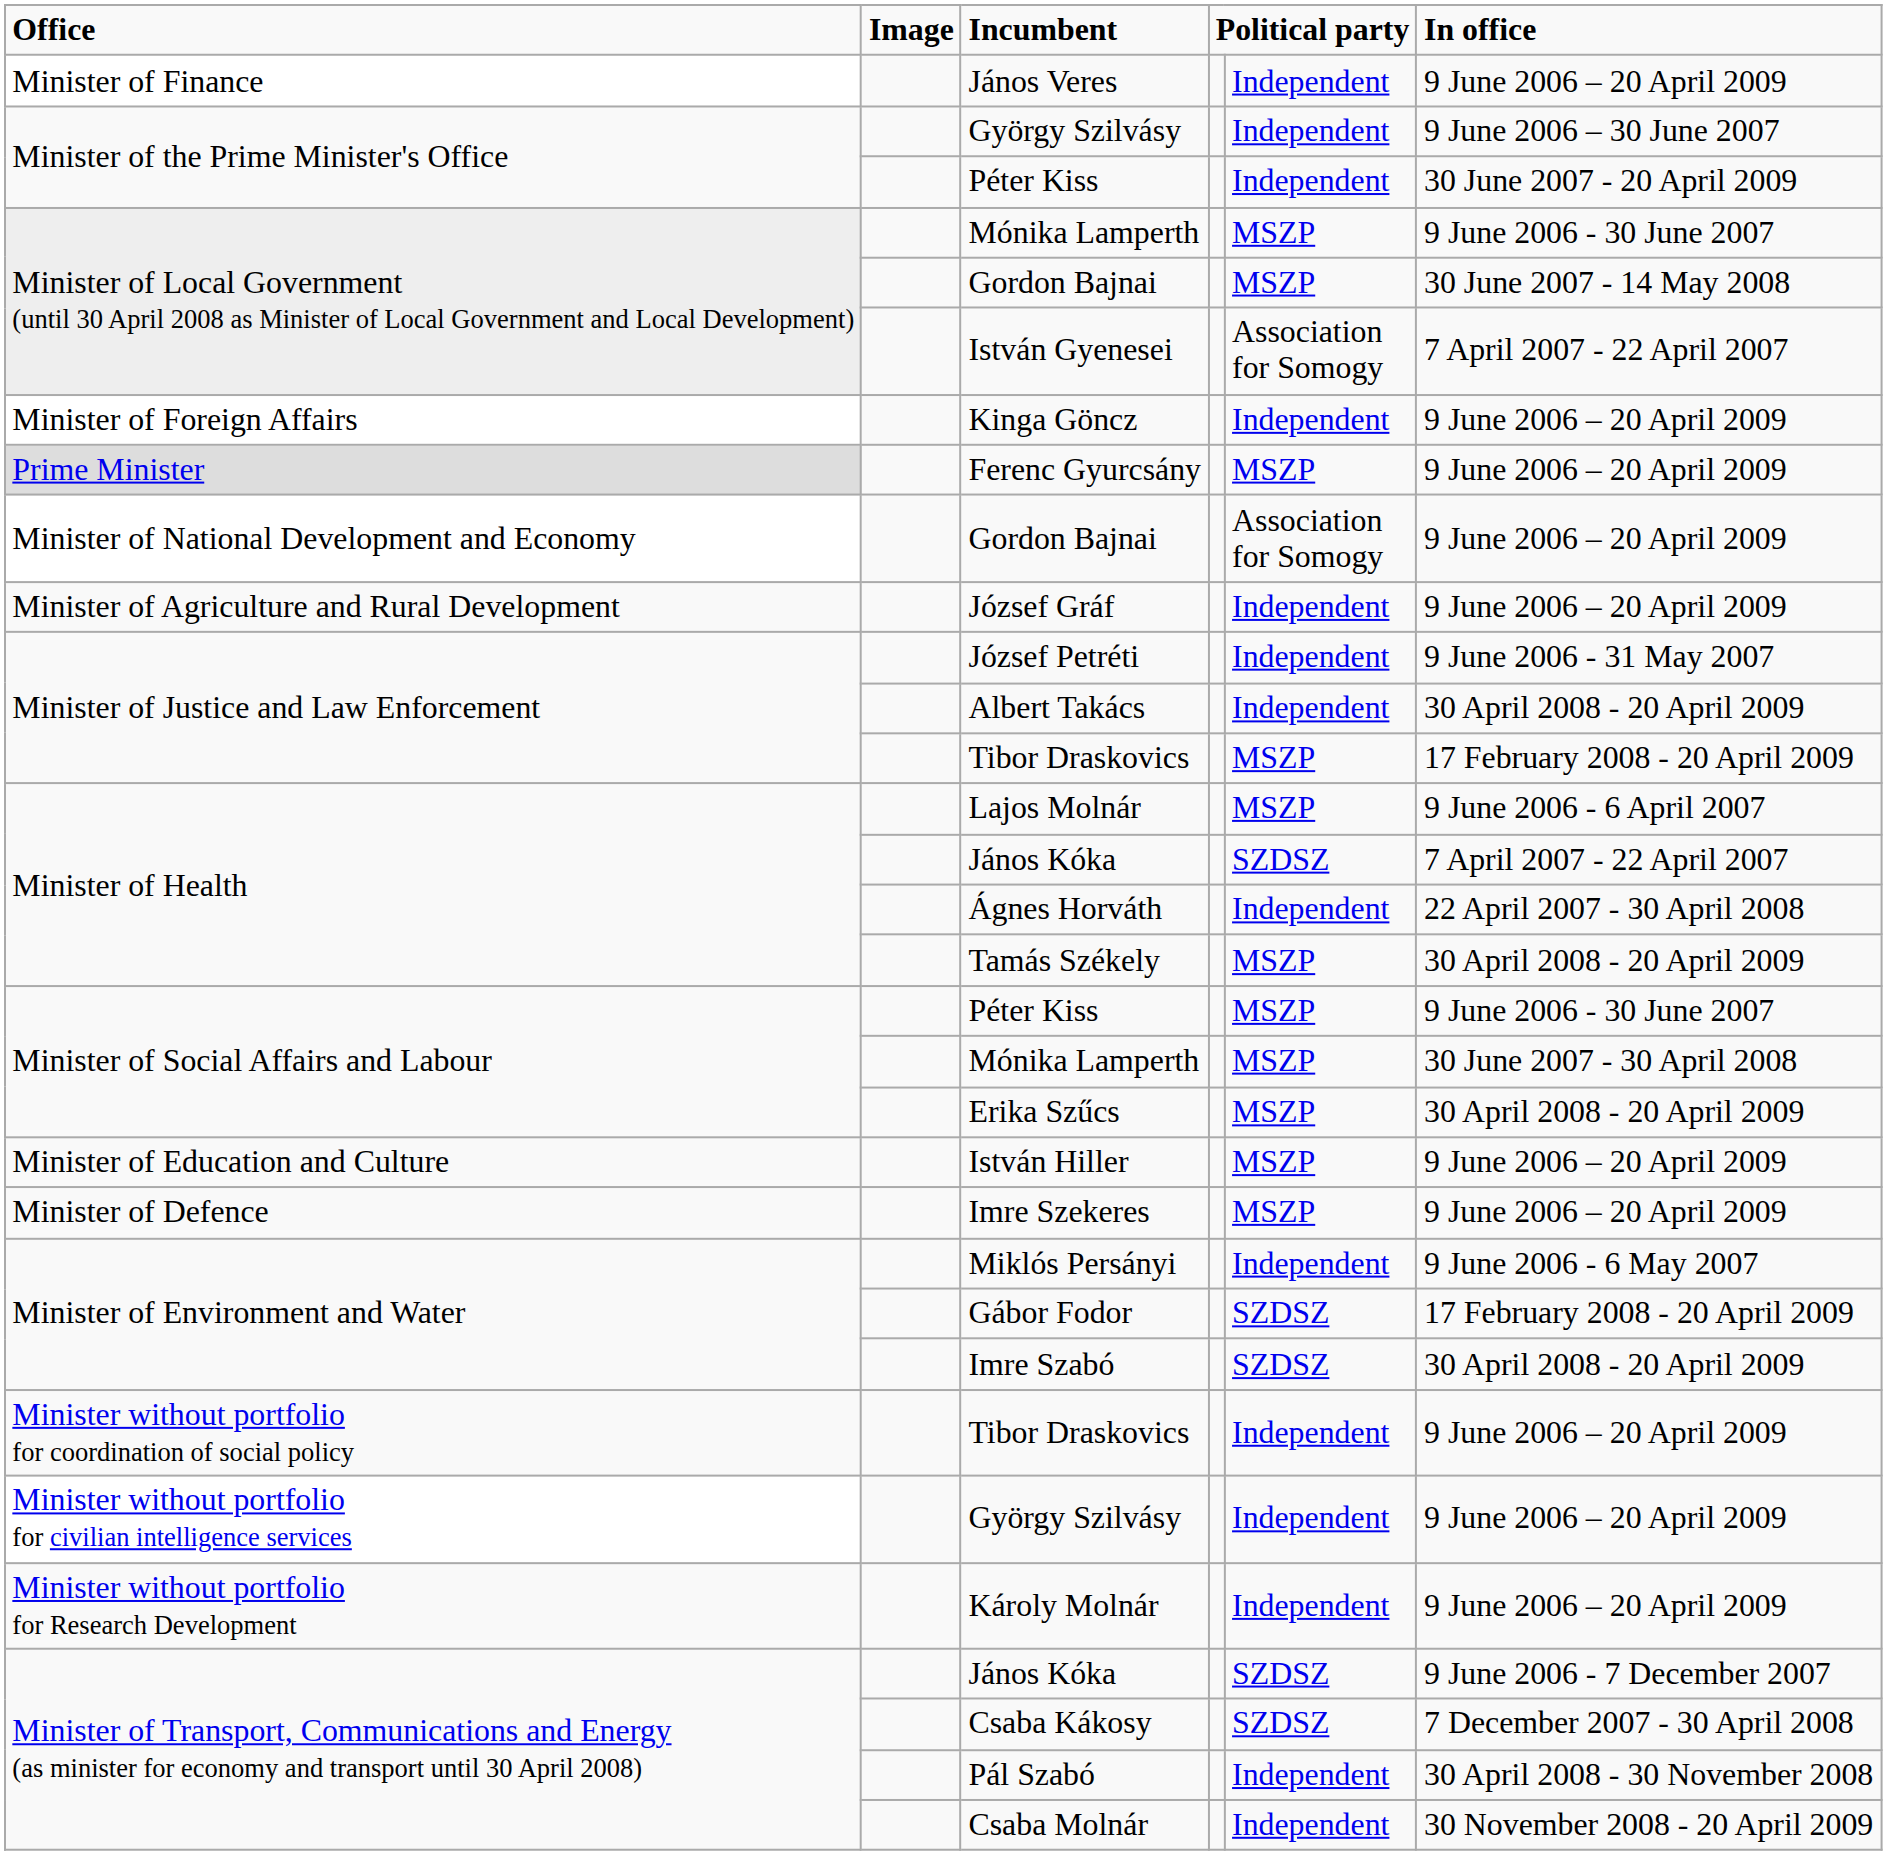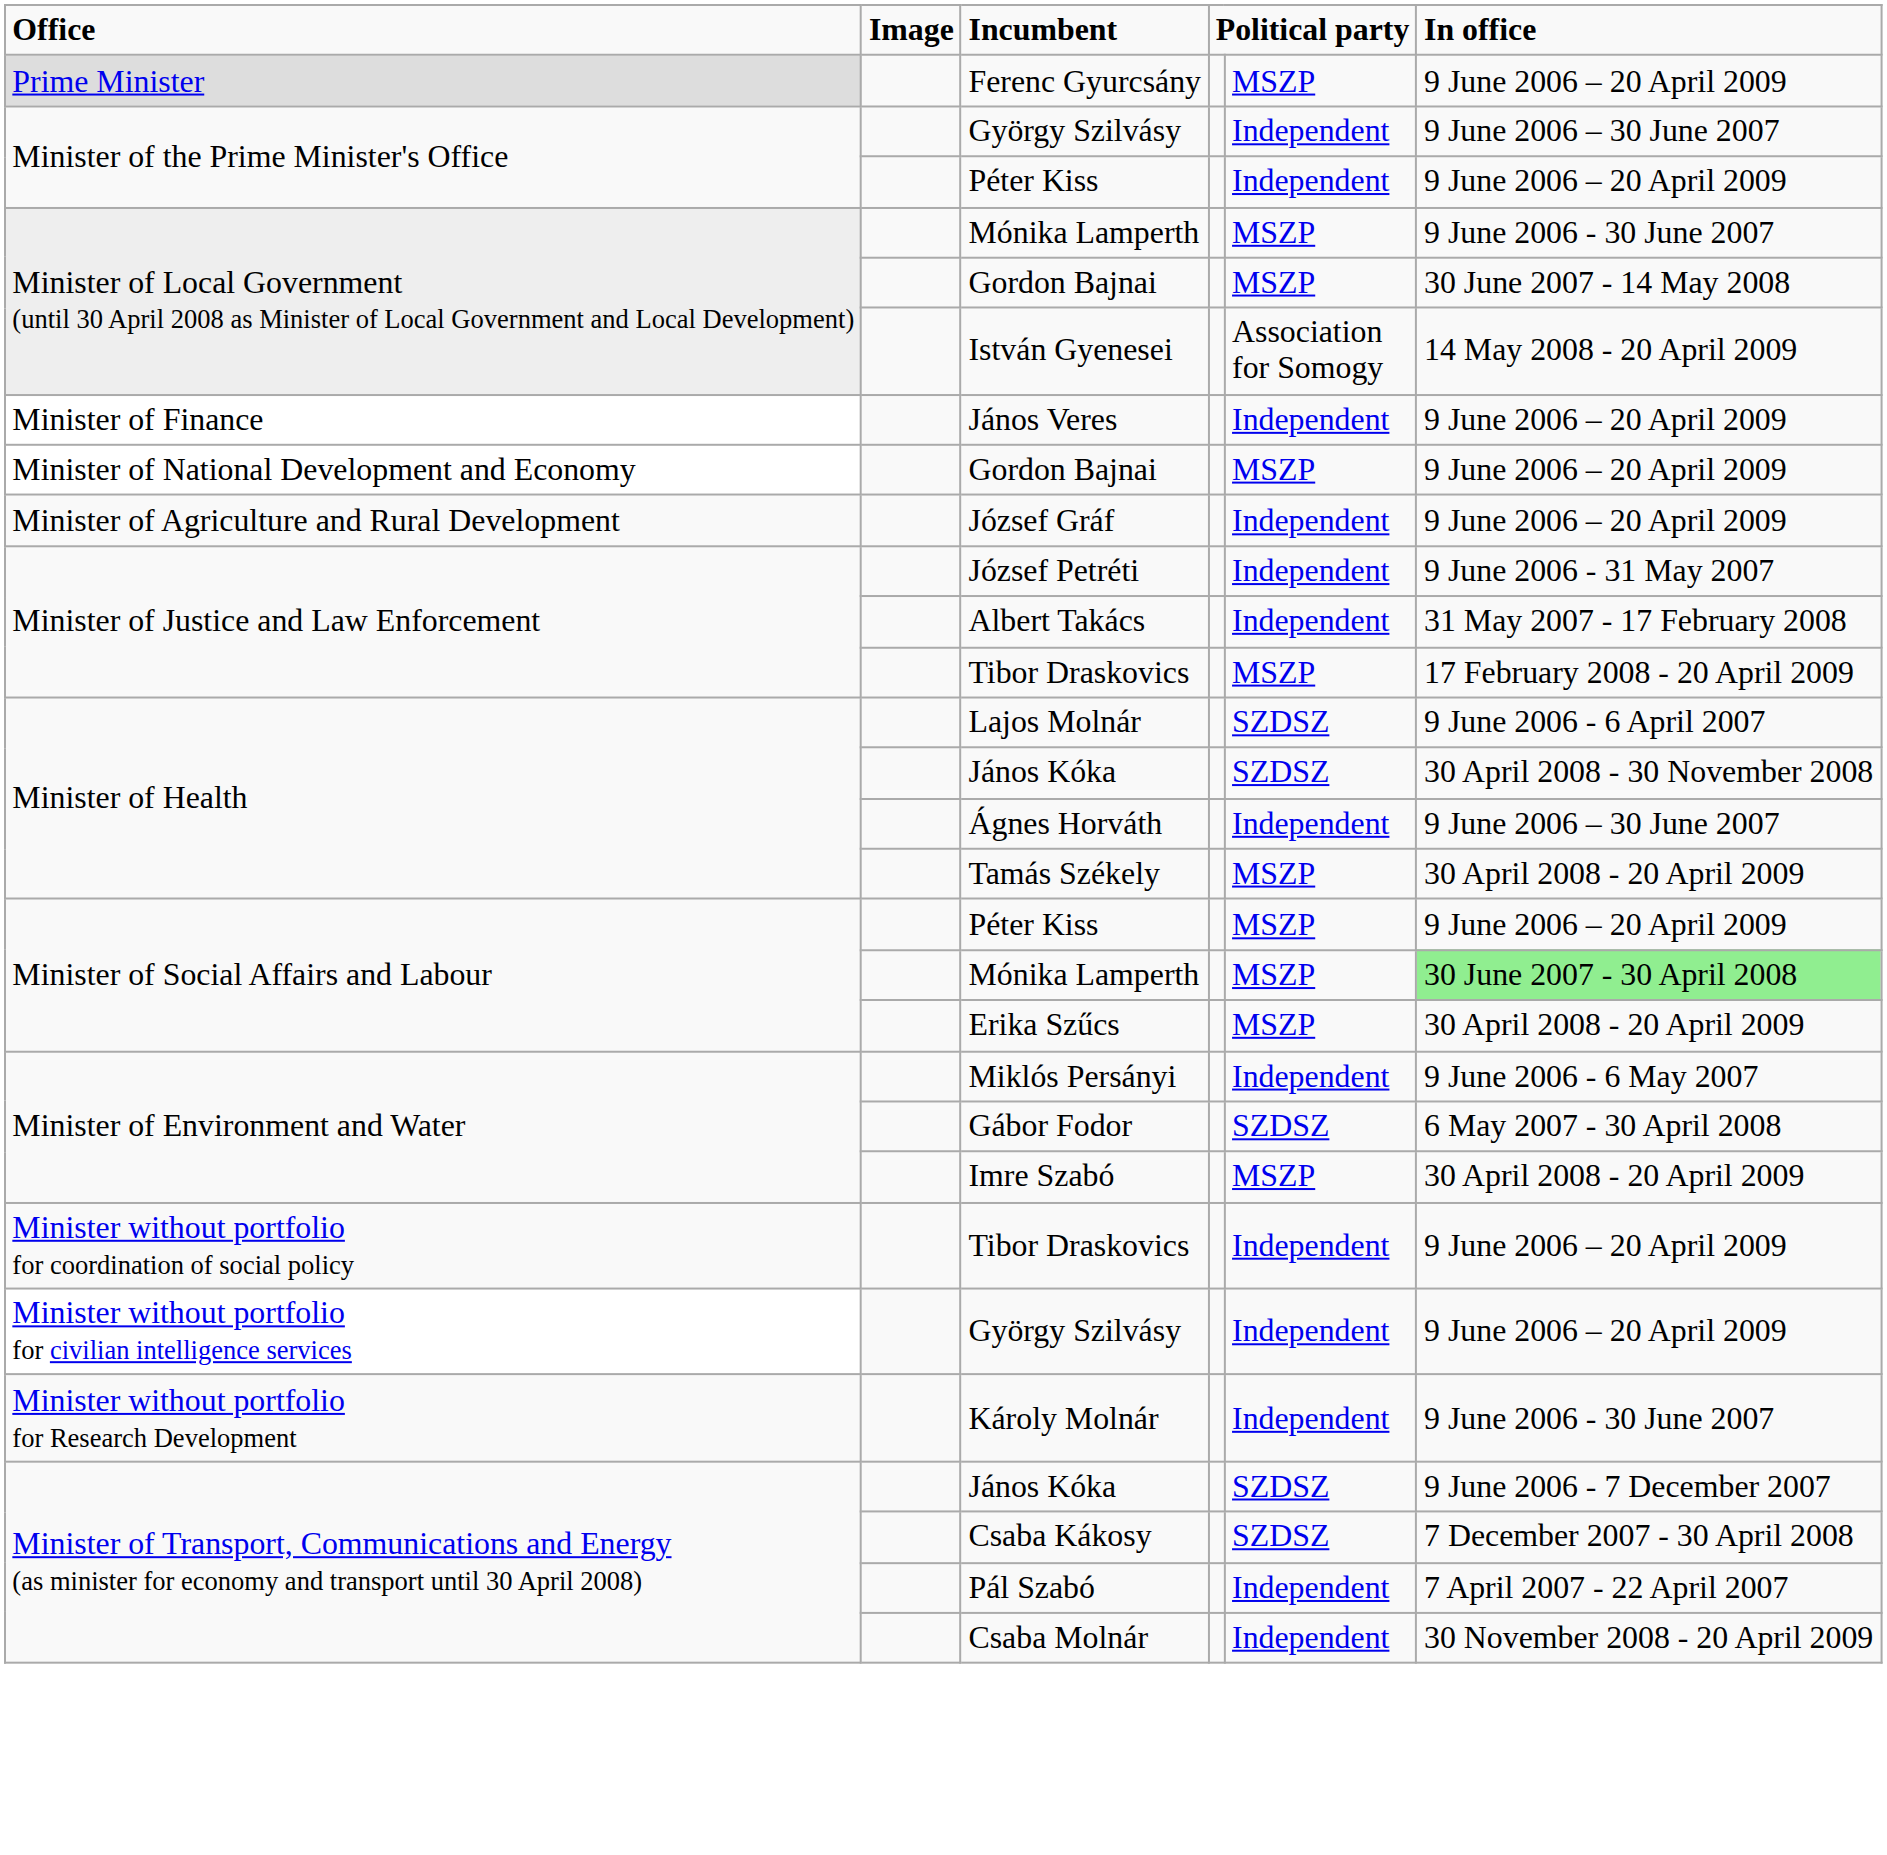 <table class="wikitable">
 <tr>
 <td><strong>Office</strong></td>
 <td><strong>Image</strong></td>
 <td><strong>Incumbent</strong></td>
 <td colspan="2"><strong>Political party</strong></td>
 <td><strong>In office</strong></td>
 </tr>
 <tr>
-<td style="background:#fff;">Minister of Finance</td>
+<td style="background:#ddd;"><a href='#'>Prime Minister</a></td>
 <td></td>
-<td>János Veres</td>
+<td>Ferenc Gyurcsány</td>
 <td style="background-color: "></td>
-<td><a href='#'>Independent</a></td>
+<td><a href='#'>MSZP</a></td>
 <td>9 June 2006 – 20 April 2009</td>
 </tr>
 <tr>
 <td rowspan="2">Minister of the Prime Minister's Office</td>
 <td></td>
 <td>György Szilvásy</td>
 <td style="background-color: "></td>
 <td><a href='#'>Independent</a></td>
 <td>9 June 2006 – 30 June 2007</td>
 </tr>
 <tr>
 <td></td>
 <td>Péter Kiss</td>
 <td style="background-color: "></td>
 <td><a href='#'>Independent</a></td>
-<td>30 June 2007 - 20 April 2009</td>
+<td>9 June 2006 – 20 April 2009</td>
 </tr>
 <tr>
 <td rowspan="3" style="background:#eee;">Minister of Local Government<br><small>(until 30 April 2008 as Minister of Local Government and Local Development)</small></td>
 <td></td>
 <td>Mónika Lamperth</td>
 <td style="background-color: "></td>
 <td><a href='#'>MSZP</a></td>
 <td>9 June 2006 - 30 June 2007</td>
 </tr>
 <tr>
 <td></td>
 <td>Gordon Bajnai</td>
 <td style="background-color: "></td>
 <td><a href='#'>MSZP</a></td>
 <td>30 June 2007 - 14 May 2008</td>
 </tr>
 <tr>
 <td></td>
 <td>István Gyenesei</td>
 <td style="background-color: "></td>
 <td>Association<br>for Somogy</td>
-<td>7 April 2007 - 22 April 2007</td>
+<td>14 May 2008 - 20 April 2009</td>
 </tr>
 <tr>
-<td style="background:#fff;">Minister of Foreign Affairs</td>
+<td style="background:#fff;">Minister of Finance</td>
 <td></td>
-<td>Kinga Göncz</td>
+<td>János Veres</td>
 <td style="background-color: "></td>
 <td><a href='#'>Independent</a></td>
-<td>9 June 2006 – 20 April 2009</td>
-</tr>
-<tr>
-<td style="background:#ddd;"><a href='#'>Prime Minister</a></td>
-<td></td>
-<td>Ferenc Gyurcsány</td>
-<td style="background-color: "></td>
-<td><a href='#'>MSZP</a></td>
 <td>9 June 2006 – 20 April 2009</td>
 </tr>
 <tr>
 <td style="background:#fff;">Minister of National Development and Economy</td>
 <td></td>
 <td>Gordon Bajnai</td>
 <td style="background-color: "></td>
-<td>Association<br>for Somogy</td>
+<td><a href='#'>MSZP</a></td>
 <td>9 June 2006 – 20 April 2009</td>
 </tr>
 <tr>
 <td>Minister of Agriculture and Rural Development</td>
 <td></td>
 <td>József Gráf</td>
 <td style="background-color: "></td>
 <td><a href='#'>Independent</a></td>
 <td>9 June 2006 – 20 April 2009</td>
 </tr>
 <tr>
 <td rowspan="3">Minister of Justice and Law Enforcement</td>
 <td></td>
 <td>József Petréti</td>
 <td style="background-color: "></td>
 <td><a href='#'>Independent</a></td>
 <td>9 June 2006 - 31 May 2007</td>
 </tr>
 <tr>
 <td></td>
 <td>Albert Takács</td>
 <td style="background-color: "></td>
 <td><a href='#'>Independent</a></td>
-<td>30 April 2008 - 20 April 2009</td>
+<td>31 May 2007 - 17 February 2008</td>
 </tr>
 <tr>
 <td></td>
 <td>Tibor Draskovics</td>
 <td style="background-color: "></td>
 <td><a href='#'>MSZP</a></td>
 <td>17 February 2008 - 20 April 2009</td>
 </tr>
 <tr>
 <td rowspan="4">Minister of Health</td>
 <td></td>
 <td>Lajos Molnár</td>
 <td style="background-color: "></td>
-<td><a href='#'>MSZP</a></td>
+<td><a href='#'>SZDSZ</a></td>
 <td>9 June 2006 - 6 April 2007</td>
 </tr>
 <tr>
 <td></td>
 <td>János Kóka</td>
 <td style="background-color: "></td>
 <td><a href='#'>SZDSZ</a></td>
-<td>7 April 2007 - 22 April 2007</td>
+<td>30 April 2008 - 30 November 2008</td>
 </tr>
 <tr>
 <td></td>
 <td>Ágnes Horváth</td>
 <td style="background-color: "></td>
 <td><a href='#'>Independent</a></td>
-<td>22 April 2007 - 30 April 2008</td>
+<td>9 June 2006 – 30 June 2007</td>
 </tr>
 <tr>
 <td></td>
 <td>Tamás Székely</td>
 <td style="background-color: "></td>
 <td><a href='#'>MSZP</a></td>
 <td>30 April 2008 - 20 April 2009</td>
 </tr>
 <tr>
 <td rowspan="3">Minister of Social Affairs and Labour</td>
 <td></td>
 <td>Péter Kiss</td>
 <td style="background-color: "></td>
 <td><a href='#'>MSZP</a></td>
-<td>9 June 2006 - 30 June 2007</td>
+<td>9 June 2006 – 20 April 2009</td>
 </tr>
 <tr>
 <td></td>
 <td>Mónika Lamperth</td>
 <td style="background-color: "></td>
 <td><a href='#'>MSZP</a></td>
-<td>30 June 2007 - 30 April 2008</td>
+<td style="background: lightgreen;">30 June 2007 - 30 April 2008</td>
 </tr>
 <tr>
 <td></td>
 <td>Erika Szűcs</td>
 <td style="background-color: "></td>
 <td><a href='#'>MSZP</a></td>
 <td>30 April 2008 - 20 April 2009</td>
-</tr>
-<tr>
-<td>Minister of Education and Culture</td>
-<td></td>
-<td>István Hiller</td>
-<td style="background-color: "></td>
-<td><a href='#'>MSZP</a></td>
-<td>9 June 2006 – 20 April 2009</td>
-</tr>
-<tr>
-<td>Minister of Defence</td>
-<td></td>
-<td>Imre Szekeres</td>
-<td style="background-color: "></td>
-<td><a href='#'>MSZP</a></td>
-<td>9 June 2006 – 20 April 2009</td>
 </tr>
 <tr>
 <td rowspan="3">Minister of Environment and Water</td>
 <td></td>
 <td>Miklós Persányi</td>
 <td style="background-color: "></td>
 <td><a href='#'>Independent</a></td>
 <td>9 June 2006 - 6 May 2007</td>
 </tr>
 <tr>
 <td></td>
 <td>Gábor Fodor</td>
 <td style="background-color: "></td>
 <td><a href='#'>SZDSZ</a></td>
-<td>17 February 2008 - 20 April 2009</td>
+<td>6 May 2007 - 30 April 2008</td>
 </tr>
 <tr>
 <td></td>
 <td>Imre Szabó</td>
 <td style="background-color: "></td>
-<td><a href='#'>SZDSZ</a></td>
+<td><a href='#'>MSZP</a></td>
 <td>30 April 2008 - 20 April 2009</td>
 </tr>
 <tr>
 <td><a href='#'>Minister without portfolio</a><br><small>for coordination of social policy</small></td>
 <td></td>
 <td>Tibor Draskovics</td>
 <td style="background-color: "></td>
 <td><a href='#'>Independent</a></td>
 <td>9 June 2006 – 20 April 2009</td>
 </tr>
 <tr>
 <td style="background:#fff;"><a href='#'>Minister without portfolio</a><br><small>for <a href='#'>civilian intelligence services</a></small></td>
 <td></td>
 <td>György Szilvásy</td>
 <td style="background-color: "></td>
 <td><a href='#'>Independent</a></td>
 <td>9 June 2006 – 20 April 2009</td>
 </tr>
 <tr>
 <td><a href='#'>Minister without portfolio</a><br><small>for Research Development</small></td>
 <td></td>
 <td>Károly Molnár</td>
 <td style="background-color: "></td>
 <td><a href='#'>Independent</a></td>
-<td>9 June 2006 – 20 April 2009</td>
+<td>9 June 2006 - 30 June 2007</td>
 </tr>
 <tr>
 <td rowspan="4"><a href='#'>Minister of Transport, Communications and Energy</a><br><small>(as minister for economy and transport until 30 April 2008)</small></td>
 <td></td>
 <td>János Kóka</td>
 <td style="background-color: "></td>
 <td><a href='#'>SZDSZ</a></td>
 <td>9 June 2006 - 7 December 2007</td>
 </tr>
 <tr>
 <td></td>
 <td>Csaba Kákosy</td>
 <td style="background-color: "></td>
 <td><a href='#'>SZDSZ</a></td>
 <td>7 December 2007 - 30 April 2008</td>
 </tr>
 <tr>
 <td></td>
 <td>Pál Szabó</td>
 <td style="background-color: "></td>
 <td><a href='#'>Independent</a></td>
-<td>30 April 2008 - 30 November 2008</td>
+<td>7 April 2007 - 22 April 2007</td>
 </tr>
 <tr>
 <td></td>
 <td>Csaba Molnár</td>
 <td style="background-color: "></td>
 <td><a href='#'>Independent</a></td>
 <td>30 November 2008 - 20 April 2009</td>
 </tr>
 </table>
